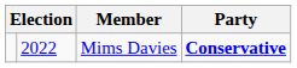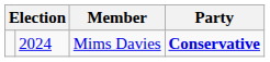 <table class="wikitable">
 <tr>
 <th colspan="2">Election</th>
 <th>Member</th>
 <th>Party</th>
 </tr>
 <tr>
 <td style="color:inherit;background-color: "></td>
-<td><a href='#'>2022</a></td>
+<td><a href='#'>2024</a></td>
 <td><a href='#'>Mims Davies</a></td>
 <td><strong><a href='#'>Conservative</a></strong></td>
 </tr>
 </table>
